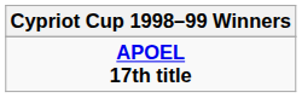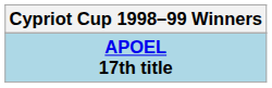 <table class="wikitable" style="text-align:center;margin: 0 auto;">
 <tr>
 <th>Cypriot Cup 1998–99 Winners</th>
 </tr>
 <tr>
 </tr>
 <tr>
-<td><strong><a href='#'>APOEL</a></strong><br><strong>17th title</strong></td>
+<td style="background: lightblue;"><strong><a href='#'>APOEL</a></strong><br><strong>17th title</strong></td>
 </tr>
 </table>
